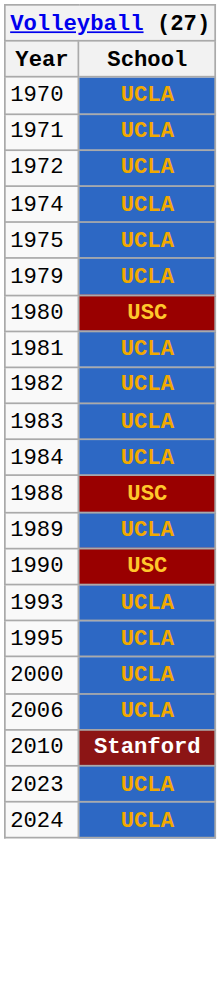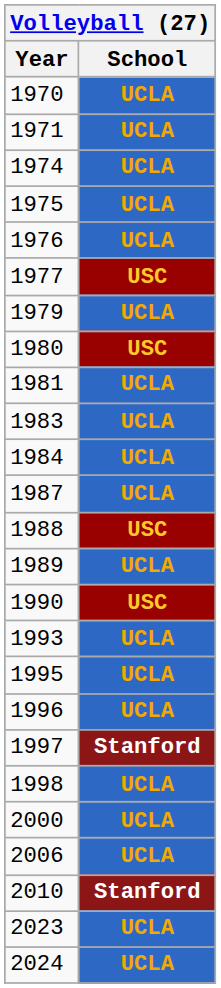 <table class="wikitable">
 <tr>
 <th colspan=2><a href='#'>Volleyball</a> (27)</th>
 </tr>
 <tr>
 <th>Year</th>
 <th>School</th>
 </tr>
 <tr>
 <td>1970</td>
 <th style="background:#2D68C4; color:#F2A900;">UCLA</th>
 </tr>
 <tr>
 <td>1971</td>
 <th style="background:#2D68C4; color:#F2A900;">UCLA</th>
 </tr>
 <tr>
-<td>1972</td>
-<th style="background:#2D68C4; color:#F2A900;">UCLA</th>
-</tr>
-<tr>
 <td>1974</td>
 <th style="background:#2D68C4; color:#F2A900;">UCLA</th>
 </tr>
 <tr>
 <td>1975</td>
 <th style="background:#2D68C4; color:#F2A900;">UCLA</th>
+</tr>
+<tr>
+<td>1976</td>
+<th style="background:#2D68C4; color:#F2A900;">UCLA</th>
+</tr>
+<tr>
+<td>1977</td>
+<th style="background:#990000; color:#FFC72C;">USC</th>
 </tr>
 <tr>
 <td>1979</td>
 <th style="background:#2D68C4; color:#F2A900;">UCLA</th>
 </tr>
 <tr>
 <td>1980</td>
 <th style="background:#990000; color:#FFC72C;">USC</th>
 </tr>
 <tr>
 <td>1981</td>
 <th style="background:#2D68C4; color:#F2A900;">UCLA</th>
 </tr>
 <tr>
-<td>1982</td>
-<th style="background:#2D68C4; color:#F2A900;">UCLA</th>
-</tr>
-<tr>
 <td>1983</td>
 <th style="background:#2D68C4; color:#F2A900;">UCLA</th>
 </tr>
 <tr>
 <td>1984</td>
+<th style="background:#2D68C4; color:#F2A900;">UCLA</th>
+</tr>
+<tr>
+<td>1987</td>
 <th style="background:#2D68C4; color:#F2A900;">UCLA</th>
 </tr>
 <tr>
 <td>1988</td>
 <th style="background:#990000; color:#FFC72C;">USC</th>
 </tr>
 <tr>
 <td>1989</td>
 <th style="background:#2D68C4; color:#F2A900;">UCLA</th>
 </tr>
 <tr>
 <td>1990</td>
 <th style="background:#990000; color:#FFC72C;">USC</th>
 </tr>
 <tr>
 <td>1993</td>
 <th style="background:#2D68C4; color:#F2A900;">UCLA</th>
 </tr>
 <tr>
 <td>1995</td>
 <th style="background:#2D68C4; color:#F2A900;">UCLA</th>
 </tr>
 <tr>
+<td>1996</td>
+<th style="background:#2D68C4; color:#F2A900;">UCLA</th>
+</tr>
+<tr>
+<td>1997</td>
+<th style="background:#8C1515; color:#FFFFFF;">Stanford</th>
+</tr>
+<tr>
+<td>1998</td>
+<th style="background:#2D68C4; color:#F2A900;">UCLA</th>
+</tr>
+<tr>
 <td>2000</td>
 <th style="background:#2D68C4; color:#F2A900;">UCLA</th>
 </tr>
 <tr>
 <td>2006</td>
 <th style="background:#2D68C4; color:#F2A900;">UCLA</th>
 </tr>
 <tr>
 <td>2010</td>
 <th style="background:#8C1515; color:#FFFFFF;">Stanford</th>
 </tr>
 <tr>
 <td>2023</td>
 <th style="background:#2D68C4; color:#F2A900;">UCLA</th>
 </tr>
 <tr>
 <td>2024</td>
 <th style="background:#2D68C4; color:#F2A900;">UCLA</th>
 </tr>
 </table>
